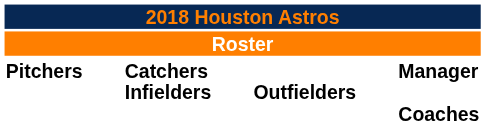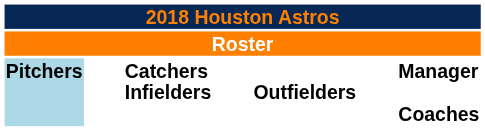 <table class="toccolours" style="font-size: 95%;">
 <tr>
 <th colspan="10" style="background:#072854; color:#FF7F00; text-align:center;">2018 Houston Astros</th>
 </tr>
 <tr>
 <td colspan="10" style="background:#FF7F00; color:white; text-align:center;"><strong>Roster</strong></td>
 </tr>
 <tr>
-<td valign="top"><strong>Pitchers</strong><br>                    </td>
+<td valign="top" style="background: lightblue;"><strong>Pitchers</strong><br>                    </td>
 <td style="width:25px;"></td>
 <td valign="top"><strong>Catchers</strong><br>     <strong>Infielders</strong>       </td>
 <td style="width:25px;"></td>
 <td valign="top"><br><strong>Outfielders</strong>        </td>
 <td style="width:25px;"></td>
 <td valign="top"><strong>Manager</strong><br><br><strong>Coaches</strong>                </td>
 </tr>
 </table>
